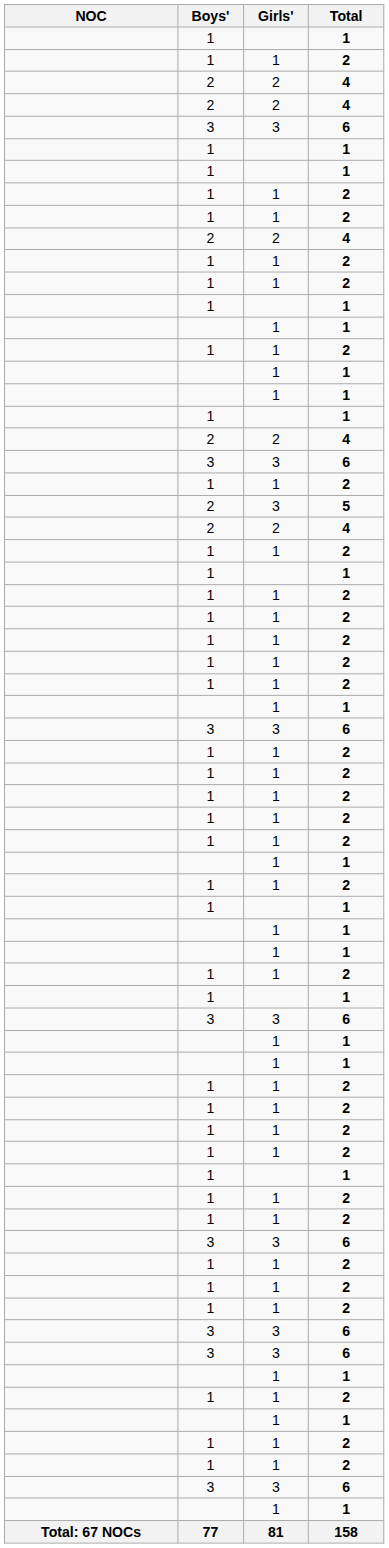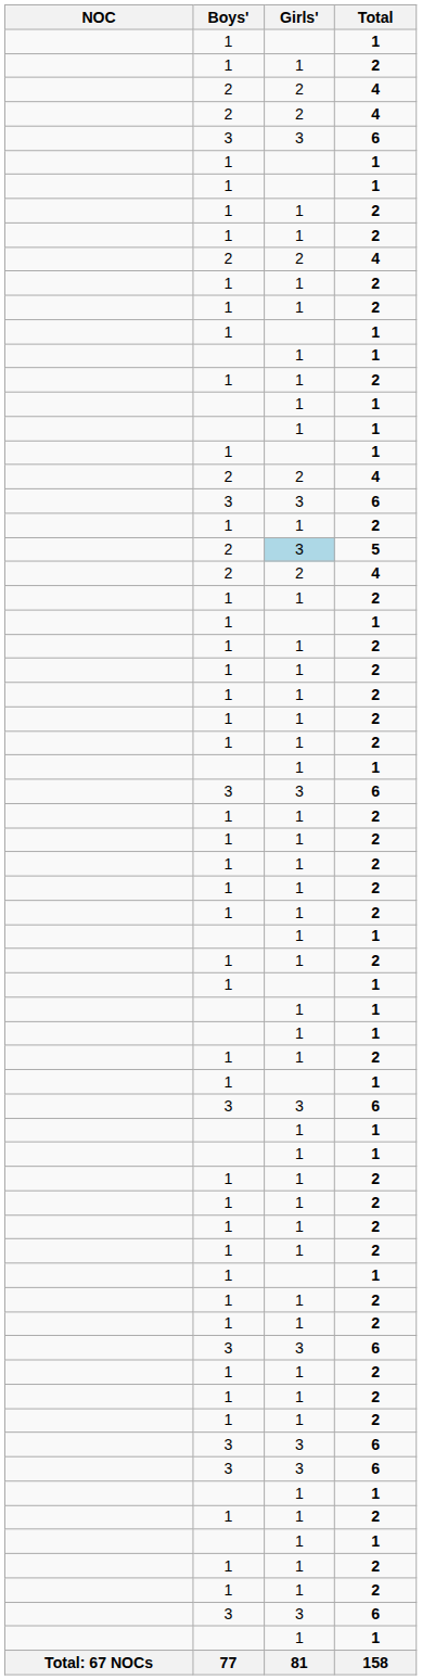 <table class="wikitable" style="text-align:center; font-size:90%">
 <tr>
 <th width=170 align="left">NOC</th>
 <th width=60>Boys'</th>
 <th width=60>Girls'</th>
 <th width=70>Total</th>
 </tr>
 <tr>
 <td align=left></td>
 <td>1</td>
 <td></td>
 <td><strong>1</strong></td>
 </tr>
 <tr>
 <td align=left></td>
 <td>1</td>
 <td>1</td>
 <td><strong>2</strong></td>
 </tr>
 <tr>
 <td align=left></td>
 <td>2</td>
 <td>2</td>
 <td><strong>4</strong></td>
 </tr>
 <tr>
 <td align=left></td>
 <td>2</td>
 <td>2</td>
 <td><strong>4</strong></td>
 </tr>
 <tr>
 <td align=left></td>
 <td>3</td>
 <td>3</td>
 <td><strong>6</strong></td>
 </tr>
 <tr>
 <td align=left></td>
 <td>1</td>
 <td></td>
 <td><strong>1</strong></td>
 </tr>
 <tr>
 <td align=left></td>
 <td>1</td>
 <td></td>
 <td><strong>1</strong></td>
 </tr>
 <tr>
 <td align=left></td>
 <td>1</td>
 <td>1</td>
 <td><strong>2</strong></td>
 </tr>
 <tr>
 <td align=left></td>
 <td>1</td>
 <td>1</td>
 <td><strong>2</strong></td>
 </tr>
 <tr>
 <td align=left></td>
 <td>2</td>
 <td>2</td>
 <td><strong>4</strong></td>
 </tr>
 <tr>
 <td align=left></td>
 <td>1</td>
 <td>1</td>
 <td><strong>2</strong></td>
 </tr>
 <tr>
 <td align=left></td>
 <td>1</td>
 <td>1</td>
 <td><strong>2</strong></td>
 </tr>
 <tr>
 <td align=left></td>
 <td>1</td>
 <td></td>
 <td><strong>1</strong></td>
 </tr>
 <tr>
 <td align=left></td>
 <td></td>
 <td>1</td>
 <td><strong>1</strong></td>
 </tr>
 <tr>
 <td align=left></td>
 <td>1</td>
 <td>1</td>
 <td><strong>2</strong></td>
 </tr>
 <tr>
 <td align=left></td>
 <td></td>
 <td>1</td>
 <td><strong>1</strong></td>
 </tr>
 <tr>
 <td align=left></td>
 <td></td>
 <td>1</td>
 <td><strong>1</strong></td>
 </tr>
 <tr>
 <td align=left></td>
 <td>1</td>
 <td></td>
 <td><strong>1</strong></td>
 </tr>
 <tr>
 <td align=left></td>
 <td>2</td>
 <td>2</td>
 <td><strong>4</strong></td>
 </tr>
 <tr>
 <td align=left></td>
 <td>3</td>
 <td>3</td>
 <td><strong>6</strong></td>
 </tr>
 <tr>
 <td align=left></td>
 <td>1</td>
 <td>1</td>
 <td><strong>2</strong></td>
 </tr>
 <tr>
 <td align=left></td>
 <td>2</td>
-<td>3</td>
+<td style="background: lightblue;">3</td>
 <td><strong>5</strong></td>
 </tr>
 <tr>
 <td align=left></td>
 <td>2</td>
 <td>2</td>
 <td><strong>4</strong></td>
 </tr>
 <tr>
 <td align=left></td>
 <td>1</td>
 <td>1</td>
 <td><strong>2</strong></td>
 </tr>
 <tr>
 <td align=left></td>
 <td>1</td>
 <td></td>
 <td><strong>1</strong></td>
 </tr>
 <tr>
 <td align=left></td>
 <td>1</td>
 <td>1</td>
 <td><strong>2</strong></td>
 </tr>
 <tr>
 <td align=left></td>
 <td>1</td>
 <td>1</td>
 <td><strong>2</strong></td>
 </tr>
 <tr>
 <td align=left></td>
 <td>1</td>
 <td>1</td>
 <td><strong>2</strong></td>
 </tr>
 <tr>
 <td align=left></td>
 <td>1</td>
 <td>1</td>
 <td><strong>2</strong></td>
 </tr>
 <tr>
 <td align=left></td>
 <td>1</td>
 <td>1</td>
 <td><strong>2</strong></td>
 </tr>
 <tr>
 <td align=left></td>
 <td></td>
 <td>1</td>
 <td><strong>1</strong></td>
 </tr>
 <tr>
 <td align=left></td>
 <td>3</td>
 <td>3</td>
 <td><strong>6</strong></td>
 </tr>
 <tr>
 <td align=left></td>
 <td>1</td>
 <td>1</td>
 <td><strong>2</strong></td>
 </tr>
 <tr>
 <td align=left></td>
 <td>1</td>
 <td>1</td>
 <td><strong>2</strong></td>
 </tr>
 <tr>
 <td align=left></td>
 <td>1</td>
 <td>1</td>
 <td><strong>2</strong></td>
 </tr>
 <tr>
 <td align=left></td>
 <td>1</td>
 <td>1</td>
 <td><strong>2</strong></td>
 </tr>
 <tr>
 <td align=left></td>
 <td>1</td>
 <td>1</td>
 <td><strong>2</strong></td>
 </tr>
 <tr>
 <td align=left></td>
 <td></td>
 <td>1</td>
 <td><strong>1</strong></td>
 </tr>
 <tr>
 <td align=left></td>
 <td>1</td>
 <td>1</td>
 <td><strong>2</strong></td>
 </tr>
 <tr>
 <td align=left></td>
 <td>1</td>
 <td></td>
 <td><strong>1</strong></td>
 </tr>
 <tr>
 <td align=left></td>
 <td></td>
 <td>1</td>
 <td><strong>1</strong></td>
 </tr>
 <tr>
 <td align=left></td>
 <td></td>
 <td>1</td>
 <td><strong>1</strong></td>
 </tr>
 <tr>
 <td align=left></td>
 <td>1</td>
 <td>1</td>
 <td><strong>2</strong></td>
 </tr>
 <tr>
 <td align=left></td>
 <td>1</td>
 <td></td>
 <td><strong>1</strong></td>
 </tr>
 <tr>
 <td align=left></td>
 <td>3</td>
 <td>3</td>
 <td><strong>6</strong></td>
 </tr>
 <tr>
 <td align=left></td>
 <td></td>
 <td>1</td>
 <td><strong>1</strong></td>
 </tr>
 <tr>
 <td align=left></td>
 <td></td>
 <td>1</td>
 <td><strong>1</strong></td>
 </tr>
 <tr>
 <td align=left></td>
 <td>1</td>
 <td>1</td>
 <td><strong>2</strong></td>
 </tr>
 <tr>
 <td align=left></td>
 <td>1</td>
 <td>1</td>
 <td><strong>2</strong></td>
 </tr>
 <tr>
 <td align=left></td>
 <td>1</td>
 <td>1</td>
 <td><strong>2</strong></td>
 </tr>
 <tr>
 <td align=left></td>
 <td>1</td>
 <td>1</td>
 <td><strong>2</strong></td>
 </tr>
 <tr>
 <td align=left></td>
 <td>1</td>
 <td></td>
 <td><strong>1</strong></td>
 </tr>
 <tr>
 <td align=left></td>
 <td>1</td>
 <td>1</td>
 <td><strong>2</strong></td>
 </tr>
 <tr>
 <td align=left></td>
 <td>1</td>
 <td>1</td>
 <td><strong>2</strong></td>
 </tr>
 <tr>
 <td align=left></td>
 <td>3</td>
 <td>3</td>
 <td><strong>6</strong></td>
 </tr>
 <tr>
 <td align=left></td>
 <td>1</td>
 <td>1</td>
 <td><strong>2</strong></td>
 </tr>
 <tr>
 <td align=left></td>
 <td>1</td>
 <td>1</td>
 <td><strong>2</strong></td>
 </tr>
 <tr>
 <td align=left></td>
 <td>1</td>
 <td>1</td>
 <td><strong>2</strong></td>
 </tr>
 <tr>
 <td align=left></td>
 <td>3</td>
 <td>3</td>
 <td><strong>6</strong></td>
 </tr>
 <tr>
 <td align=left></td>
 <td>3</td>
 <td>3</td>
 <td><strong>6</strong></td>
 </tr>
 <tr>
 <td align=left></td>
 <td></td>
 <td>1</td>
 <td><strong>1</strong></td>
 </tr>
 <tr>
 <td align=left></td>
 <td>1</td>
 <td>1</td>
 <td><strong>2</strong></td>
 </tr>
 <tr>
 <td align=left></td>
 <td></td>
 <td>1</td>
 <td><strong>1</strong></td>
 </tr>
 <tr>
 <td align=left></td>
 <td>1</td>
 <td>1</td>
 <td><strong>2</strong></td>
 </tr>
 <tr>
 <td align=left></td>
 <td>1</td>
 <td>1</td>
 <td><strong>2</strong></td>
 </tr>
 <tr>
 <td align=left></td>
 <td>3</td>
 <td>3</td>
 <td><strong>6</strong></td>
 </tr>
 <tr>
 <td align=left></td>
 <td></td>
 <td>1</td>
 <td><strong>1</strong></td>
 </tr>
 <tr>
 <th>Total: 67 NOCs</th>
 <th>77</th>
 <th>81</th>
 <th>158</th>
 </tr>
 </table>
